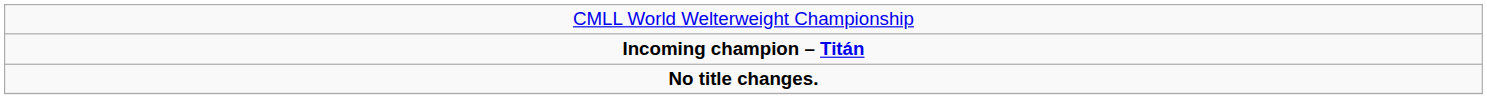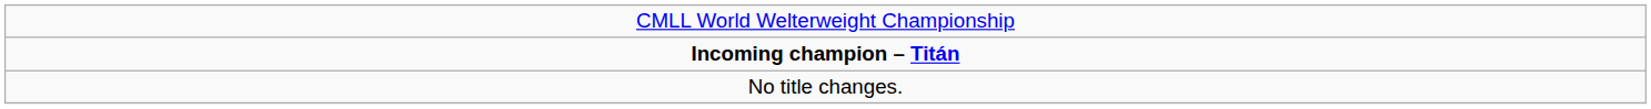 <table class="wikitable" style="text-align:center; width:100%;">
 <tr>
 <td colspan="5" style="text-align: center;"><a href='#'>CMLL World Welterweight Championship</a></td>
 </tr>
 <tr>
 <td colspan="5" style="text-align: center;"><strong>Incoming champion – <a href='#'>Titán</a></strong></td>
 </tr>
 <tr>
-<td><strong>No title changes.</strong></td>
+<td>No title changes.</td>
 </tr>
 <tr>
 </tr>
 </table>
